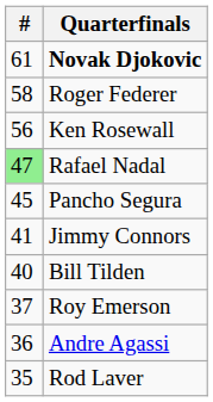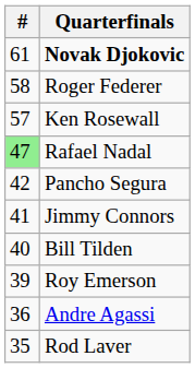 <table class=wikitable style="display:inline-table;">
 <tr>
 <th width=20>#</th>
 <th>Quarterfinals</th>
 </tr>
 <tr>
 <td>61</td>
 <td> <strong>Novak Djokovic</strong></td>
 </tr>
 <tr>
 <td>58</td>
 <td> Roger Federer</td>
 </tr>
 <tr>
-<td>56</td>
+<td>57</td>
 <td> Ken Rosewall</td>
 </tr>
 <tr>
 <td style="background: lightgreen;">47</td>
 <td> Rafael Nadal</td>
 </tr>
 <tr>
-<td>45</td>
+<td>42</td>
 <td> Pancho Segura</td>
 </tr>
 <tr>
 <td>41</td>
 <td> Jimmy Connors</td>
 </tr>
 <tr>
 <td>40</td>
 <td> Bill Tilden</td>
 </tr>
 <tr>
-<td>37</td>
+<td>39</td>
 <td> Roy Emerson</td>
 </tr>
 <tr>
 <td>36</td>
 <td> <a href='#'>Andre Agassi</a></td>
 </tr>
 <tr>
 <td>35</td>
 <td> Rod Laver</td>
 </tr>
 </table>
